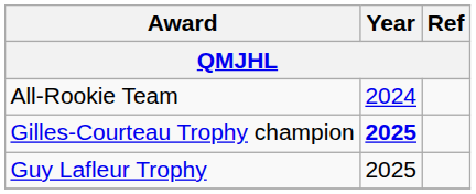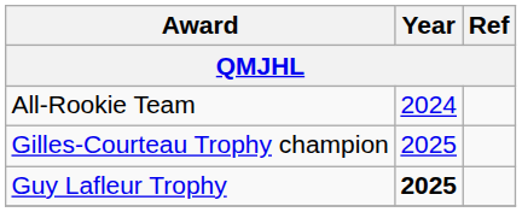 <table class="wikitable">
 <tr>
 <th>Award</th>
 <th>Year</th>
 <th>Ref</th>
 </tr>
 <tr ALIGN="center" bgcolor="#e0e0e0">
 <th colspan="4"><a href='#'>QMJHL</a></th>
 </tr>
 <tr>
 <td>All-Rookie Team</td>
 <td><a href='#'>2024</a></td>
 <td></td>
 </tr>
 <tr>
 <td><a href='#'>Gilles-Courteau Trophy</a> champion</td>
-<td><strong><a href='#'>2025</a></strong></td>
+<td><a href='#'>2025</a></td>
 <td></td>
 </tr>
 <tr>
 <td><a href='#'>Guy Lafleur Trophy</a></td>
-<td>2025</td>
+<td><strong>2025</strong></td>
 <td></td>
 </tr>
 <tr>
 </tr>
 </table>
